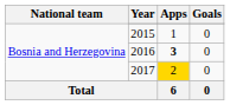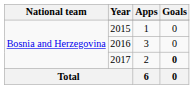 <table class="wikitable" style="text-align:center">
 <tr>
 <th>National team</th>
 <th>Year</th>
 <th>Apps</th>
 <th>Goals</th>
 </tr>
 <tr>
 <td rowspan=4><a href='#'>Bosnia and Herzegovina</a></td>
 </tr>
 <tr>
 <td>2015</td>
 <td>1</td>
 <td>0</td>
 </tr>
 <tr>
 <td>2016</td>
-<td><strong>3</strong></td>
+<td>3</td>
 <td>0</td>
 </tr>
 <tr>
 <td>2017</td>
-<td style="background: gold;">2</td>
-<td>0</td>
+<td>2</td>
+<td><strong>0</strong></td>
 </tr>
 <tr>
 <th colspan=2>Total</th>
 <th>6</th>
 <th>0</th>
 </tr>
 </table>
